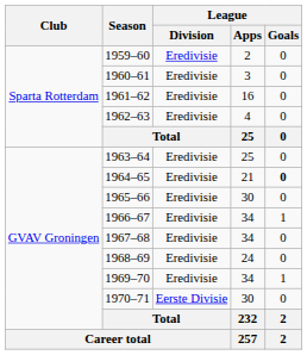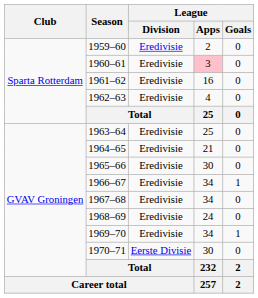 <table class="wikitable" style="text-align:center">
 <tr>
 <th rowspan="2">Club</th>
 <th rowspan="2">Season</th>
 <th colspan="3">League</th>
 </tr>
 <tr>
 <th>Division</th>
 <th>Apps</th>
 <th>Goals</th>
 </tr>
 <tr>
 <td rowspan="5"><a href='#'>Sparta Rotterdam</a></td>
 <td>1959–60</td>
 <td><a href='#'>Eredivisie</a></td>
 <td>2</td>
 <td>0</td>
 </tr>
 <tr>
 <td>1960–61</td>
 <td>Eredivisie</td>
-<td>3</td>
+<td style="background: pink;">3</td>
 <td>0</td>
 </tr>
 <tr>
 <td>1961–62</td>
 <td>Eredivisie</td>
 <td>16</td>
 <td>0</td>
 </tr>
 <tr>
 <td>1962–63</td>
 <td>Eredivisie</td>
 <td>4</td>
 <td>0</td>
 </tr>
 <tr>
 <th colspan="2">Total</th>
 <th>25</th>
 <th>0</th>
 </tr>
 <tr>
 <td rowspan="9"><a href='#'>GVAV Groningen</a></td>
 <td>1963–64</td>
 <td>Eredivisie</td>
 <td>25</td>
 <td>0</td>
 </tr>
 <tr>
 <td>1964–65</td>
 <td>Eredivisie</td>
 <td>21</td>
-<td><strong>0</strong></td>
+<td>0</td>
 </tr>
 <tr>
 <td>1965–66</td>
 <td>Eredivisie</td>
 <td>30</td>
 <td>0</td>
 </tr>
 <tr>
 <td>1966–67</td>
 <td>Eredivisie</td>
 <td>34</td>
 <td>1</td>
 </tr>
 <tr>
 <td>1967–68</td>
 <td>Eredivisie</td>
 <td>34</td>
 <td>0</td>
 </tr>
 <tr>
 <td>1968–69</td>
 <td>Eredivisie</td>
 <td>24</td>
 <td>0</td>
 </tr>
 <tr>
 <td>1969–70</td>
 <td>Eredivisie</td>
 <td>34</td>
 <td>1</td>
 </tr>
 <tr>
 <td>1970–71</td>
 <td><a href='#'>Eerste Divisie</a></td>
 <td>30</td>
 <td>0</td>
 </tr>
 <tr>
 <th colspan="2">Total</th>
 <th>232</th>
 <th>2</th>
 </tr>
 <tr>
 <th colspan="3">Career total</th>
 <th>257</th>
 <th>2</th>
 </tr>
 </table>
